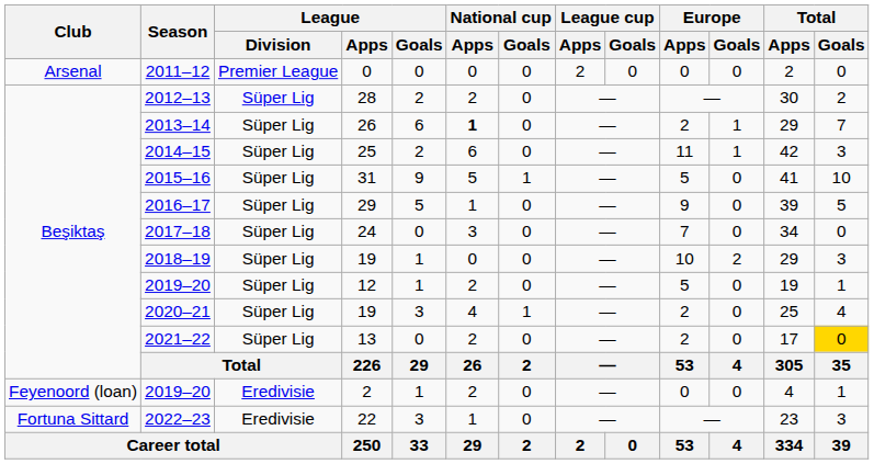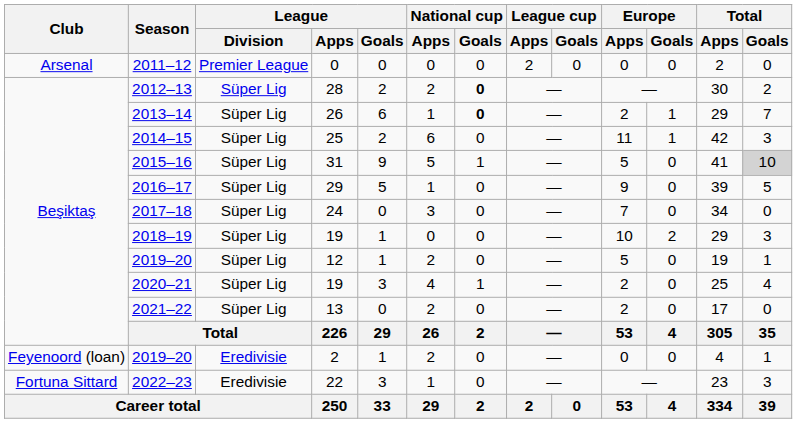 <table class="wikitable" style="text-align:center">
 <tr>
 <th rowspan="2">Club</th>
 <th rowspan="2">Season</th>
 <th colspan="3">League</th>
 <th colspan="2">National cup</th>
 <th colspan="2">League cup</th>
 <th colspan="2">Europe</th>
 <th colspan="2">Total</th>
 </tr>
 <tr>
 <th>Division</th>
 <th>Apps</th>
 <th>Goals</th>
 <th>Apps</th>
 <th>Goals</th>
 <th>Apps</th>
 <th>Goals</th>
 <th>Apps</th>
 <th>Goals</th>
 <th>Apps</th>
 <th>Goals</th>
 </tr>
 <tr>
 <td><a href='#'>Arsenal</a></td>
 <td><a href='#'>2011–12</a></td>
 <td><a href='#'>Premier League</a></td>
 <td>0</td>
 <td>0</td>
 <td>0</td>
 <td>0</td>
 <td>2</td>
 <td>0</td>
 <td>0</td>
 <td>0</td>
 <td>2</td>
 <td>0</td>
 </tr>
 <tr>
 <td rowspan="11"><a href='#'>Beşiktaş</a></td>
 <td><a href='#'>2012–13</a></td>
 <td><a href='#'>Süper Lig</a></td>
 <td>28</td>
 <td>2</td>
 <td>2</td>
-<td>0</td>
+<td><strong>0</strong></td>
 <td colspan="2">—</td>
 <td colspan="2">—</td>
 <td>30</td>
 <td>2</td>
 </tr>
 <tr>
 <td><a href='#'>2013–14</a></td>
 <td>Süper Lig</td>
 <td>26</td>
 <td>6</td>
-<td><strong>1</strong></td>
-<td>0</td>
+<td>1</td>
+<td><strong>0</strong></td>
 <td colspan="2">—</td>
 <td>2</td>
 <td>1</td>
 <td>29</td>
 <td>7</td>
 </tr>
 <tr>
 <td><a href='#'>2014–15</a></td>
 <td>Süper Lig</td>
 <td>25</td>
 <td>2</td>
 <td>6</td>
 <td>0</td>
 <td colspan="2">—</td>
 <td>11</td>
 <td>1</td>
 <td>42</td>
 <td>3</td>
 </tr>
 <tr>
 <td><a href='#'>2015–16</a></td>
 <td>Süper Lig</td>
 <td>31</td>
 <td>9</td>
 <td>5</td>
 <td>1</td>
 <td colspan="2">—</td>
 <td>5</td>
 <td>0</td>
 <td>41</td>
-<td>10</td>
+<td style="background: lightgrey;">10</td>
 </tr>
 <tr>
 <td><a href='#'>2016–17</a></td>
 <td>Süper Lig</td>
 <td>29</td>
 <td>5</td>
 <td>1</td>
 <td>0</td>
 <td colspan="2">—</td>
 <td>9</td>
 <td>0</td>
 <td>39</td>
 <td>5</td>
 </tr>
 <tr>
 <td><a href='#'>2017–18</a></td>
 <td>Süper Lig</td>
 <td>24</td>
 <td>0</td>
 <td>3</td>
 <td>0</td>
 <td colspan="2">—</td>
 <td>7</td>
 <td>0</td>
 <td>34</td>
 <td>0</td>
 </tr>
 <tr>
 <td><a href='#'>2018–19</a></td>
 <td>Süper Lig</td>
 <td>19</td>
 <td>1</td>
 <td>0</td>
 <td>0</td>
 <td colspan="2">—</td>
 <td>10</td>
 <td>2</td>
 <td>29</td>
 <td>3</td>
 </tr>
 <tr>
 <td><a href='#'>2019–20</a></td>
 <td>Süper Lig</td>
 <td>12</td>
 <td>1</td>
 <td>2</td>
 <td>0</td>
 <td colspan="2">—</td>
 <td>5</td>
 <td>0</td>
 <td>19</td>
 <td>1</td>
 </tr>
 <tr>
 <td><a href='#'>2020–21</a></td>
 <td>Süper Lig</td>
 <td>19</td>
 <td>3</td>
 <td>4</td>
 <td>1</td>
 <td colspan="2">—</td>
 <td>2</td>
 <td>0</td>
 <td>25</td>
 <td>4</td>
 </tr>
 <tr>
 <td><a href='#'>2021–22</a></td>
 <td>Süper Lig</td>
 <td>13</td>
 <td>0</td>
 <td>2</td>
 <td>0</td>
 <td colspan="2">—</td>
 <td>2</td>
 <td>0</td>
 <td>17</td>
-<td style="background: gold;">0</td>
+<td>0</td>
 </tr>
 <tr>
 <th colspan="2">Total</th>
 <th>226</th>
 <th>29</th>
 <th>26</th>
 <th>2</th>
 <th colspan="2">—</th>
 <th>53</th>
 <th>4</th>
 <th>305</th>
 <th>35</th>
 </tr>
 <tr>
 <td><a href='#'>Feyenoord</a> (loan)</td>
 <td><a href='#'>2019–20</a></td>
 <td><a href='#'>Eredivisie</a></td>
 <td>2</td>
 <td>1</td>
 <td>2</td>
 <td>0</td>
 <td colspan="2">—</td>
 <td>0</td>
 <td>0</td>
 <td>4</td>
 <td>1</td>
 </tr>
 <tr>
 <td><a href='#'>Fortuna Sittard</a></td>
 <td><a href='#'>2022–23</a></td>
 <td>Eredivisie</td>
 <td>22</td>
 <td>3</td>
 <td>1</td>
 <td>0</td>
 <td colspan="2">—</td>
 <td colspan="2">—</td>
 <td>23</td>
 <td>3</td>
 </tr>
 <tr>
 <th colspan="3">Career total</th>
 <th>250</th>
 <th>33</th>
 <th>29</th>
 <th>2</th>
 <th>2</th>
 <th>0</th>
 <th>53</th>
 <th>4</th>
 <th>334</th>
 <th>39</th>
 </tr>
 </table>
